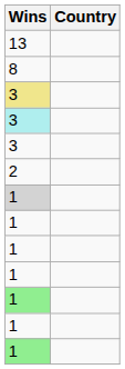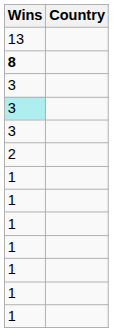 <table class="wikitable sortable">
 <tr>
 <th>Wins</th>
 <th>Country</th>
 </tr>
 <tr>
 <td>13</td>
 <td></td>
 </tr>
 <tr>
-<td>8</td>
+<td><strong>8</strong></td>
 <td></td>
 </tr>
 <tr>
-<td style="background: khaki;">3</td>
+<td>3</td>
 <td></td>
 </tr>
 <tr>
 <td style="background: paleturquoise;">3</td>
 <td></td>
 </tr>
 <tr>
 <td>3</td>
 <td></td>
 </tr>
 <tr>
 <td>2</td>
 <td></td>
 </tr>
 <tr>
-<td style="background: lightgrey;">1</td>
+<td>1</td>
 <td></td>
 </tr>
 <tr>
 <td>1</td>
 <td></td>
 </tr>
 <tr>
 <td>1</td>
 <td></td>
 </tr>
 <tr>
 <td>1</td>
 <td></td>
 </tr>
 <tr>
-<td style="background: lightgreen;">1</td>
+<td>1</td>
 <td></td>
 </tr>
 <tr>
 <td>1</td>
 <td></td>
 </tr>
 <tr>
-<td style="background: lightgreen;">1</td>
+<td>1</td>
 <td></td>
 </tr>
 </table>
